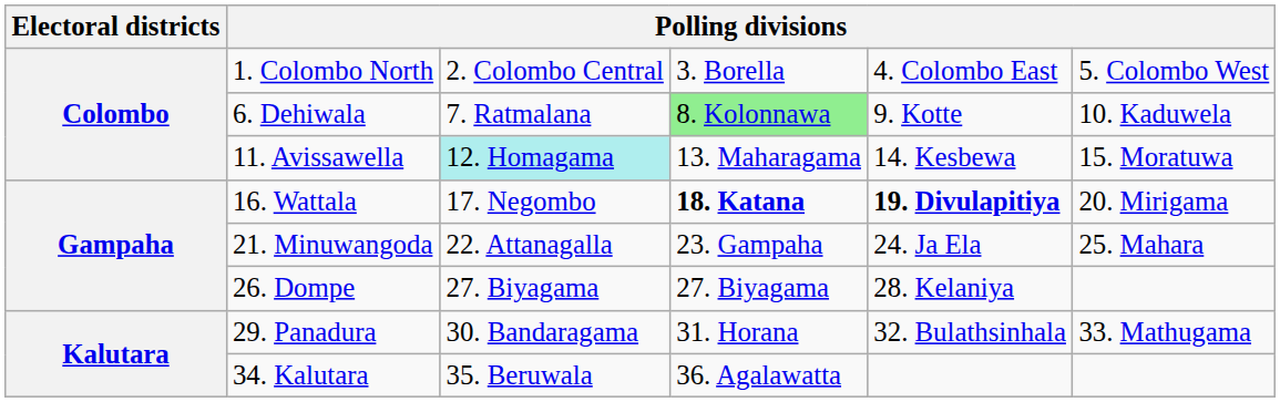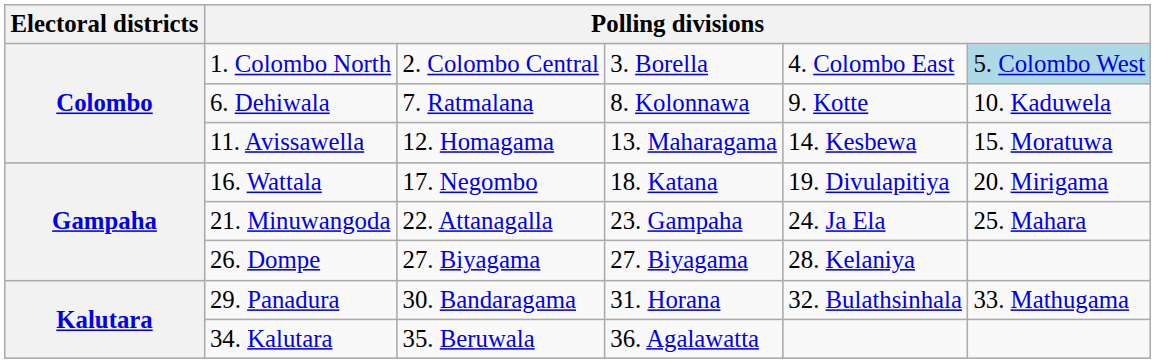 <table class="wikitable" style="font-size:100; text-align:left">
 <tr>
 <th rowspan="1">Electoral districts</th>
 <th colspan="5">Polling divisions</th>
 </tr>
 <tr>
 <th rowspan="3"><a href='#'>Colombo</a></th>
 <td>1. <a href='#'>Colombo North</a></td>
 <td>2. <a href='#'>Colombo Central</a></td>
 <td>3. <a href='#'>Borella</a></td>
 <td>4. <a href='#'>Colombo East</a></td>
-<td>5. <a href='#'>Colombo West</a></td>
+<td style="background: lightblue;">5. <a href='#'>Colombo West</a></td>
 </tr>
 <tr>
 <td>6. <a href='#'>Dehiwala</a></td>
 <td>7. <a href='#'>Ratmalana</a></td>
-<td style="background: lightgreen;">8. <a href='#'>Kolonnawa</a></td>
+<td>8. <a href='#'>Kolonnawa</a></td>
 <td>9. <a href='#'>Kotte</a></td>
 <td>10. <a href='#'>Kaduwela</a></td>
 </tr>
 <tr>
 <td>11. <a href='#'>Avissawella</a></td>
-<td style="background: paleturquoise;">12. <a href='#'>Homagama</a></td>
+<td>12. <a href='#'>Homagama</a></td>
 <td>13. <a href='#'>Maharagama</a></td>
 <td>14. <a href='#'>Kesbewa</a></td>
 <td>15. <a href='#'>Moratuwa</a></td>
 </tr>
 <tr>
 <th rowspan="3"><a href='#'>Gampaha</a></th>
 <td>16. <a href='#'>Wattala</a></td>
 <td>17. <a href='#'>Negombo</a></td>
-<td><strong>18. <a href='#'>Katana</a></strong></td>
-<td><strong>19. <a href='#'>Divulapitiya</a></strong></td>
+<td>18. <a href='#'>Katana</a></td>
+<td>19. <a href='#'>Divulapitiya</a></td>
 <td>20. <a href='#'>Mirigama</a></td>
 </tr>
 <tr>
 <td>21. <a href='#'>Minuwangoda</a></td>
 <td>22. <a href='#'>Attanagalla</a></td>
 <td>23. <a href='#'>Gampaha</a></td>
 <td>24. <a href='#'>Ja Ela</a></td>
 <td>25. <a href='#'>Mahara</a></td>
 </tr>
 <tr>
 <td>26. <a href='#'>Dompe</a></td>
 <td>27. <a href='#'>Biyagama</a></td>
 <td>27. <a href='#'>Biyagama</a></td>
 <td>28. <a href='#'>Kelaniya</a></td>
 <td></td>
 </tr>
 <tr>
 <th rowspan="2"><a href='#'>Kalutara</a></th>
 <td>29. <a href='#'>Panadura</a></td>
 <td>30. <a href='#'>Bandaragama</a></td>
 <td>31. <a href='#'>Horana</a></td>
 <td>32. <a href='#'>Bulathsinhala</a></td>
 <td>33. <a href='#'>Mathugama</a></td>
 </tr>
 <tr>
 <td>34. <a href='#'>Kalutara</a></td>
 <td>35. <a href='#'>Beruwala</a></td>
 <td>36. <a href='#'>Agalawatta</a></td>
 <td></td>
 <td></td>
 </tr>
 </table>
